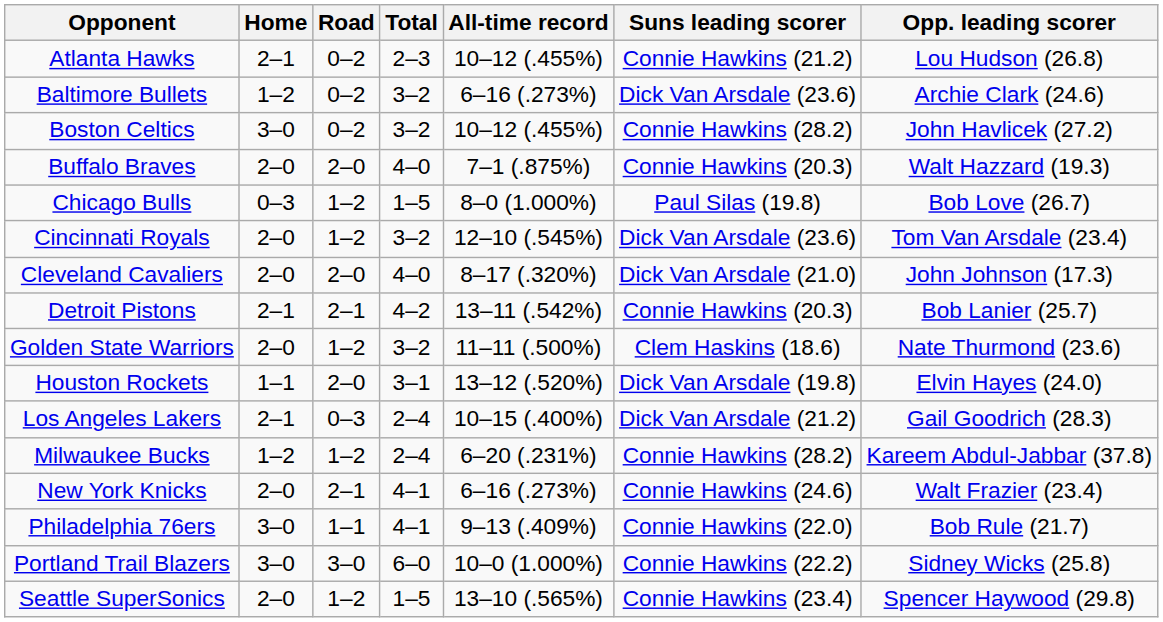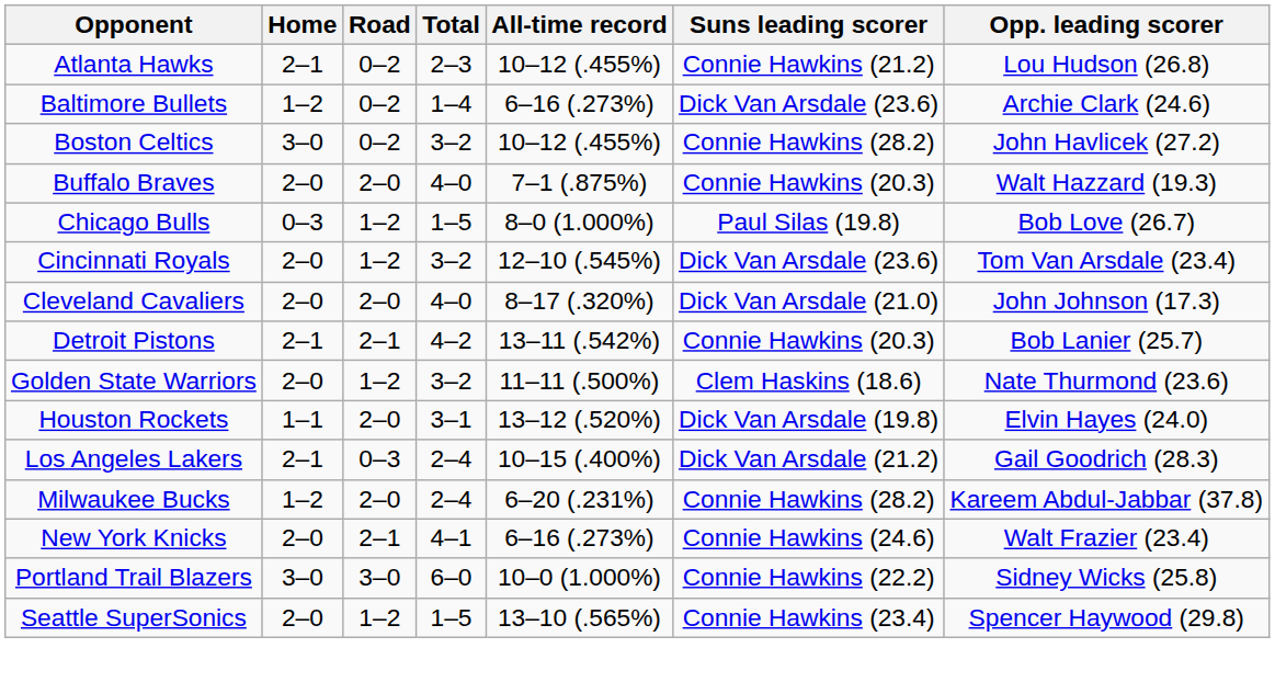 <table class="wikitable">
 <tr>
 <th>Opponent</th>
 <th>Home</th>
 <th>Road</th>
 <th>Total</th>
 <th>All-time record</th>
 <th>Suns leading scorer</th>
 <th>Opp. leading scorer</th>
 </tr>
 <tr style="text-align: center">
 <td><a href='#'>Atlanta Hawks</a></td>
 <td>2–1</td>
 <td>0–2</td>
 <td>2–3</td>
 <td>10–12 (.455%)</td>
 <td><a href='#'>Connie Hawkins</a> (21.2)</td>
 <td><a href='#'>Lou Hudson</a> (26.8)</td>
 </tr>
 <tr style="text-align: center">
 <td><a href='#'>Baltimore Bullets</a></td>
 <td>1–2</td>
 <td>0–2</td>
-<td>3–2</td>
+<td>1–4</td>
 <td>6–16 (.273%)</td>
 <td><a href='#'>Dick Van Arsdale</a> (23.6)</td>
 <td><a href='#'>Archie Clark</a> (24.6)</td>
 </tr>
 <tr style="text-align: center">
 <td><a href='#'>Boston Celtics</a></td>
 <td>3–0</td>
 <td>0–2</td>
 <td>3–2</td>
 <td>10–12 (.455%)</td>
 <td><a href='#'>Connie Hawkins</a> (28.2)</td>
 <td><a href='#'>John Havlicek</a> (27.2)</td>
 </tr>
 <tr style="text-align: center">
 <td><a href='#'>Buffalo Braves</a></td>
 <td>2–0</td>
 <td>2–0</td>
 <td>4–0</td>
 <td>7–1 (.875%)</td>
 <td><a href='#'>Connie Hawkins</a> (20.3)</td>
 <td><a href='#'>Walt Hazzard</a> (19.3)</td>
 </tr>
 <tr style="text-align: center">
 <td><a href='#'>Chicago Bulls</a></td>
 <td>0–3</td>
 <td>1–2</td>
 <td>1–5</td>
 <td>8–0 (1.000%)</td>
 <td><a href='#'>Paul Silas</a> (19.8)</td>
 <td><a href='#'>Bob Love</a> (26.7)</td>
 </tr>
 <tr style="text-align: center">
 <td><a href='#'>Cincinnati Royals</a></td>
 <td>2–0</td>
 <td>1–2</td>
 <td>3–2</td>
 <td>12–10 (.545%)</td>
 <td><a href='#'>Dick Van Arsdale</a> (23.6)</td>
 <td><a href='#'>Tom Van Arsdale</a> (23.4)</td>
 </tr>
 <tr style="text-align: center">
 <td><a href='#'>Cleveland Cavaliers</a></td>
 <td>2–0</td>
 <td>2–0</td>
 <td>4–0</td>
 <td>8–17 (.320%)</td>
 <td><a href='#'>Dick Van Arsdale</a> (21.0)</td>
 <td><a href='#'>John Johnson</a> (17.3)</td>
 </tr>
 <tr style="text-align: center">
 <td><a href='#'>Detroit Pistons</a></td>
 <td>2–1</td>
 <td>2–1</td>
 <td>4–2</td>
 <td>13–11 (.542%)</td>
 <td><a href='#'>Connie Hawkins</a> (20.3)</td>
 <td><a href='#'>Bob Lanier</a> (25.7)</td>
 </tr>
 <tr style="text-align: center">
 <td><a href='#'>Golden State Warriors</a></td>
 <td>2–0</td>
 <td>1–2</td>
 <td>3–2</td>
 <td>11–11 (.500%)</td>
 <td><a href='#'>Clem Haskins</a> (18.6)</td>
 <td><a href='#'>Nate Thurmond</a> (23.6)</td>
 </tr>
 <tr style="text-align: center">
 <td><a href='#'>Houston Rockets</a></td>
 <td>1–1</td>
 <td>2–0</td>
 <td>3–1</td>
 <td>13–12 (.520%)</td>
 <td><a href='#'>Dick Van Arsdale</a> (19.8)</td>
 <td><a href='#'>Elvin Hayes</a> (24.0)</td>
 </tr>
 <tr style="text-align: center">
 <td><a href='#'>Los Angeles Lakers</a></td>
 <td>2–1</td>
 <td>0–3</td>
 <td>2–4</td>
 <td>10–15 (.400%)</td>
 <td><a href='#'>Dick Van Arsdale</a> (21.2)</td>
 <td><a href='#'>Gail Goodrich</a> (28.3)</td>
 </tr>
 <tr style="text-align: center">
 <td><a href='#'>Milwaukee Bucks</a></td>
 <td>1–2</td>
-<td>1–2</td>
+<td>2–0</td>
 <td>2–4</td>
 <td>6–20 (.231%)</td>
 <td><a href='#'>Connie Hawkins</a> (28.2)</td>
 <td><a href='#'>Kareem Abdul-Jabbar</a> (37.8)</td>
 </tr>
 <tr style="text-align: center">
 <td><a href='#'>New York Knicks</a></td>
 <td>2–0</td>
 <td>2–1</td>
 <td>4–1</td>
 <td>6–16 (.273%)</td>
 <td><a href='#'>Connie Hawkins</a> (24.6)</td>
 <td><a href='#'>Walt Frazier</a> (23.4)</td>
-</tr>
-<tr style="text-align: center">
-<td><a href='#'>Philadelphia 76ers</a></td>
-<td>3–0</td>
-<td>1–1</td>
-<td>4–1</td>
-<td>9–13 (.409%)</td>
-<td><a href='#'>Connie Hawkins</a> (22.0)</td>
-<td><a href='#'>Bob Rule</a> (21.7)</td>
 </tr>
 <tr style="text-align: center">
 <td><a href='#'>Portland Trail Blazers</a></td>
 <td>3–0</td>
 <td>3–0</td>
 <td>6–0</td>
 <td>10–0 (1.000%)</td>
 <td><a href='#'>Connie Hawkins</a> (22.2)</td>
 <td><a href='#'>Sidney Wicks</a> (25.8)</td>
 </tr>
 <tr style="text-align: center">
 <td><a href='#'>Seattle SuperSonics</a></td>
 <td>2–0</td>
 <td>1–2</td>
 <td>1–5</td>
 <td>13–10 (.565%)</td>
 <td><a href='#'>Connie Hawkins</a> (23.4)</td>
 <td><a href='#'>Spencer Haywood</a> (29.8)</td>
 </tr>
 </table>
